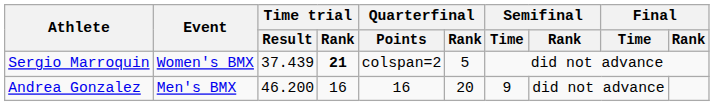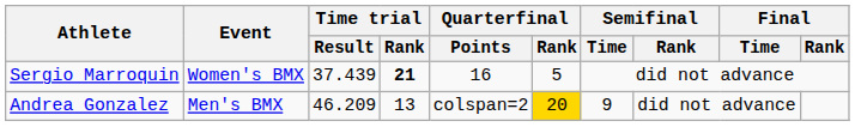 <table class="wikitable" style="font-size:90%">
 <tr>
 <th rowspan=2>Athlete</th>
 <th rowspan=2>Event</th>
 <th colspan="2">Time trial</th>
 <th colspan="2">Quarterfinal</th>
 <th colspan="2">Semifinal</th>
 <th colspan="2">Final</th>
 </tr>
 <tr style="font-size:95%">
 <th>Result</th>
 <th>Rank</th>
 <th>Points</th>
 <th>Rank</th>
 <th>Time</th>
 <th>Rank</th>
 <th>Time</th>
 <th>Rank</th>
 </tr>
 <tr align=center>
 <td align=left><a href='#'>Sergio Marroquin</a></td>
 <td align=left><a href='#'>Women's BMX</a></td>
 <td>37.439</td>
 <td><strong>21</strong></td>
-<td>colspan=2 </td>
+<td>16</td>
 <td>5</td>
 <td colspan="4">did not advance</td>
 </tr>
 <tr align=center>
 <td align=left><a href='#'>Andrea Gonzalez</a></td>
 <td align=left><a href='#'>Men's BMX</a></td>
-<td>46.200</td>
-<td>16</td>
-<td>16</td>
-<td>20</td>
+<td>46.209</td>
+<td>13</td>
+<td>colspan=2 </td>
+<td style="background: gold;">20</td>
 <td>9</td>
 <td colspan="2">did not advance</td>
 </tr>
 </table>
